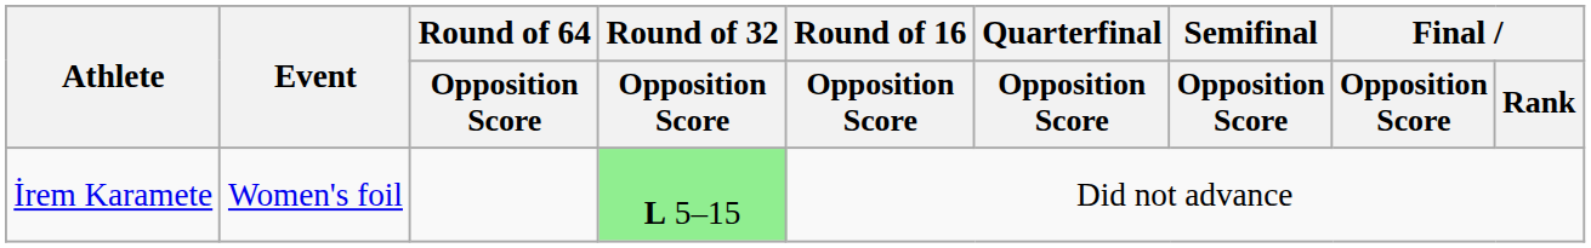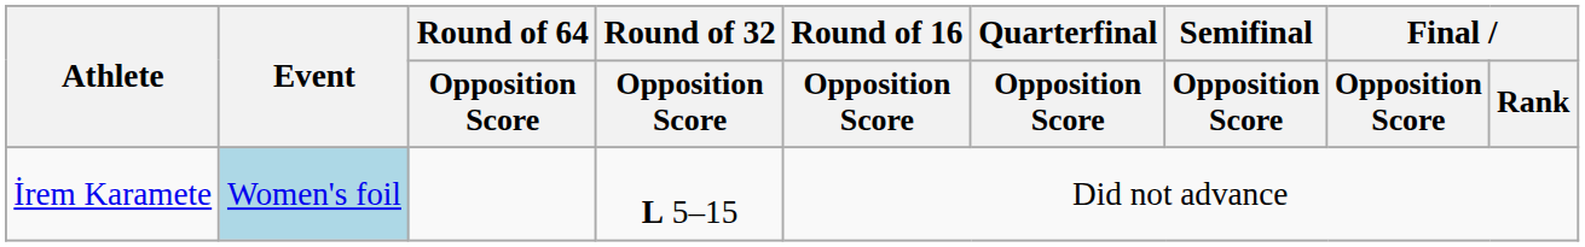 <table class="wikitable" style="font-size:90%">
 <tr>
 <th rowspan="2">Athlete</th>
 <th rowspan="2">Event</th>
 <th>Round of 64</th>
 <th>Round of 32</th>
 <th>Round of 16</th>
 <th>Quarterfinal</th>
 <th>Semifinal</th>
 <th colspan=2>Final / </th>
 </tr>
 <tr style="font-size:95%">
 <th>Opposition <br> Score</th>
 <th>Opposition <br> Score</th>
 <th>Opposition <br> Score</th>
 <th>Opposition <br> Score</th>
 <th>Opposition <br> Score</th>
 <th>Opposition <br> Score</th>
 <th>Rank</th>
 </tr>
 <tr align=center>
 <td align=left><a href='#'>İrem Karamete</a></td>
-<td align=left><a href='#'>Women's foil</a></td>
+<td align=left style="background: lightblue;"><a href='#'>Women's foil</a></td>
 <td></td>
-<td style="background: lightgreen;"><br><strong>L</strong> 5–15</td>
+<td><br><strong>L</strong> 5–15</td>
 <td colspan=5>Did not advance</td>
 </tr>
 </table>
